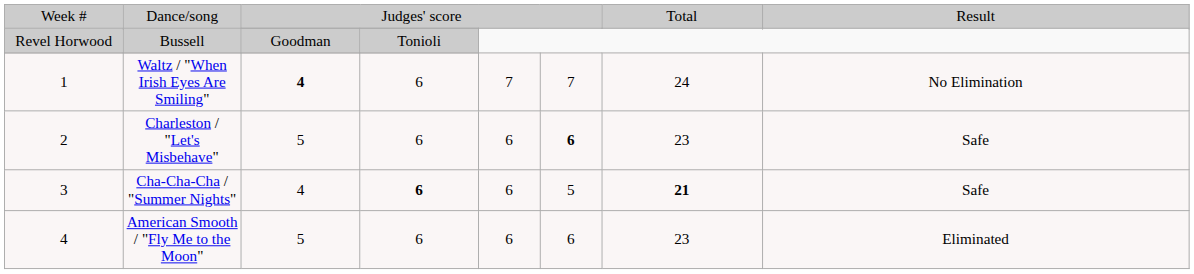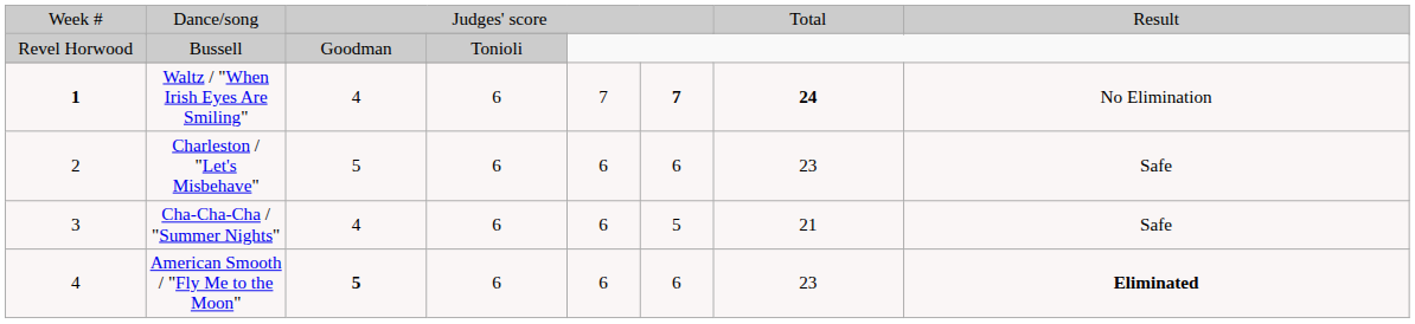 <table class="wikitable">
 <tr>
 <td rowspan="2" bgcolor="CCCCCC" align="Center">Week #</td>
 <td rowspan="2" bgcolor="CCCCCC" align="Center">Dance/song</td>
 <td colspan="4" bgcolor="CCCCCC" align="Center">Judges' score</td>
 <td rowspan="2" bgcolor="CCCCCC" align="Center">Total</td>
 <td rowspan="2" bgcolor="CCCCCC" align="Center">Result</td>
 </tr>
 <tr>
 </tr>
 <tr>
 <td bgcolor="CCCCCC" width="10%" align="center">Revel Horwood</td>
 <td bgcolor="CCCCCC" width="10%" align="center">Bussell</td>
 <td bgcolor="CCCCCC" width="10%" align="center">Goodman</td>
 <td bgcolor="CCCCCC" width="10%" align="center">Tonioli</td>
 </tr>
 <tr>
 </tr>
 <tr>
-<td align="center" bgcolor="FAF6F6">1</td>
+<td align="center" bgcolor="FAF6F6"><strong>1</strong></td>
 <td align="center" bgcolor="FAF6F6"><a href='#'>Waltz</a> / "<a href='#'>When Irish Eyes Are Smiling</a>"</td>
-<td align="center" bgcolor="FAF6F6"><strong>4</strong></td>
+<td align="center" bgcolor="FAF6F6">4</td>
 <td align="center" bgcolor="FAF6F6">6</td>
 <td align="center" bgcolor="FAF6F6">7</td>
-<td align="center" bgcolor="FAF6F6">7</td>
-<td align="center" bgcolor="FAF6F6">24</td>
+<td align="center" bgcolor="FAF6F6"><strong>7</strong></td>
+<td align="center" bgcolor="FAF6F6"><strong>24</strong></td>
 <td align="center" bgcolor="FAF6F6">No Elimination</td>
 </tr>
 <tr>
 <td align="center" bgcolor="FAF6F6">2</td>
 <td align="center" bgcolor="FAF6F6"><a href='#'>Charleston</a> / "<a href='#'>Let's Misbehave</a>"</td>
 <td align="center" bgcolor="FAF6F6">5</td>
 <td align="center" bgcolor="FAF6F6">6</td>
 <td align="center" bgcolor="FAF6F6">6</td>
-<td align="center" bgcolor="FAF6F6"><strong>6</strong></td>
+<td align="center" bgcolor="FAF6F6">6</td>
 <td align="center" bgcolor="FAF6F6">23</td>
 <td align="center" bgcolor="FAF6F6">Safe</td>
 </tr>
 <tr>
 <td align="center" bgcolor="FAF6F6">3</td>
 <td align="center" bgcolor="FAF6F6"><a href='#'>Cha-Cha-Cha</a> / "<a href='#'>Summer Nights</a>"</td>
 <td align="center" bgcolor="FAF6F6">4</td>
-<td align="center" bgcolor="FAF6F6"><strong>6</strong></td>
+<td align="center" bgcolor="FAF6F6">6</td>
 <td align="center" bgcolor="FAF6F6">6</td>
 <td align="center" bgcolor="FAF6F6">5</td>
-<td align="center" bgcolor="FAF6F6"><strong>21</strong></td>
+<td align="center" bgcolor="FAF6F6">21</td>
 <td align="center" bgcolor="FAF6F6">Safe</td>
 </tr>
 <tr>
 <td align="center" bgcolor="FAF6F6">4</td>
 <td align="center" bgcolor="FAF6F6"><a href='#'>American Smooth</a> / "<a href='#'>Fly Me to the Moon</a>"</td>
-<td align="center" bgcolor="FAF6F6">5</td>
+<td align="center" bgcolor="FAF6F6"><strong>5</strong></td>
 <td align="center" bgcolor="FAF6F6">6</td>
 <td align="center" bgcolor="FAF6F6">6</td>
 <td align="center" bgcolor="FAF6F6">6</td>
 <td align="center" bgcolor="FAF6F6">23</td>
-<td align="center" bgcolor="FAF6F6">Eliminated</td>
+<td align="center" bgcolor="FAF6F6"><strong>Eliminated</strong></td>
 </tr>
 </table>
